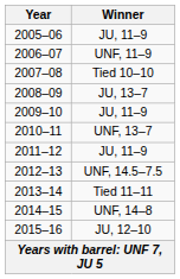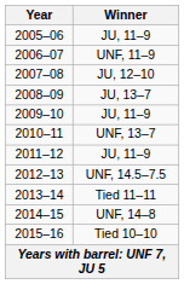 <table class="wikitable" style="width:25%;">
 <tr>
 <th>Year</th>
 <th>Winner</th>
 </tr>
 <tr style="text-align:center;">
 <td>2005–06</td>
 <td style="text-align:center; ">JU, 11–9</td>
 </tr>
 <tr style="text-align:center;">
 <td>2006–07</td>
 <td style="text-align:center; ">UNF, 11–9</td>
 </tr>
 <tr style="text-align:center;">
 <td>2007–08</td>
-<td style="text-align:center;">Tied 10–10</td>
+<td align="center">JU, 12–10</td>
 </tr>
 <tr style="text-align:center;">
 <td>2008–09</td>
 <td style="text-align:center; ">JU, 13–7</td>
 </tr>
 <tr style="text-align:center;">
 <td>2009–10</td>
 <td style="text-align:center; ">JU, 11–9</td>
 </tr>
 <tr style="text-align:center;">
 <td>2010–11</td>
 <td style="text-align:center; ">UNF, 13–7</td>
 </tr>
 <tr style="text-align:center;">
 <td>2011–12</td>
 <td style="text-align:center; ">JU, 11–9</td>
 </tr>
 <tr style="text-align:center;">
 <td>2012–13</td>
 <td style="text-align:center; ">UNF, 14.5–7.5</td>
 </tr>
 <tr style="text-align:center;">
 <td>2013–14</td>
 <td style="text-align:center;">Tied 11–11</td>
 </tr>
 <tr>
 <td align="center">2014–15</td>
 <td align="center">UNF, 14–8</td>
 </tr>
 <tr>
 <td align="center">2015–16</td>
-<td align="center">JU, 12–10</td>
+<td style="text-align:center;">Tied 10–10</td>
 </tr>
 <tr>
 <th colspan=2><strong><em>Years with barrel: UNF 7, JU 5</em></strong></th>
 </tr>
 </table>
